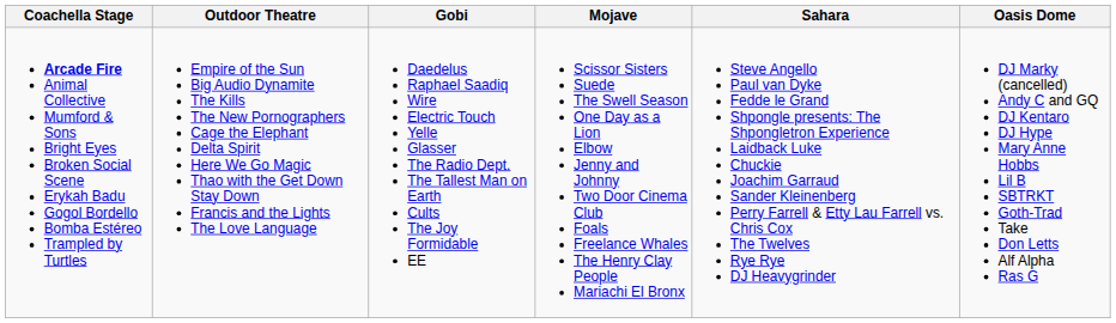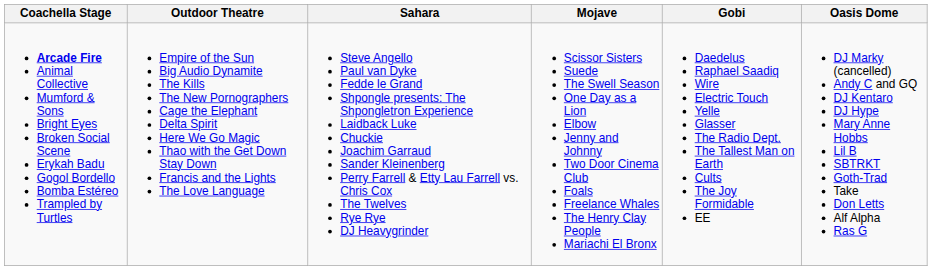 <table class="wikitable">
 <tr>
 <th>Coachella Stage</th>
 <th>Outdoor Theatre</th>
+<th>Sahara</th>
+<th>Mojave</th>
 <th>Gobi</th>
-<th>Mojave</th>
-<th>Sahara</th>
 <th>Oasis Dome</th>
 </tr>
 <tr valign="top">
 <td><br><ul><li><strong><a href='#'>Arcade Fire</a></strong></li><li><a href='#'>Animal Collective</a></li><li><a href='#'>Mumford & Sons</a></li><li><a href='#'>Bright Eyes</a></li><li><a href='#'>Broken Social Scene</a></li><li><a href='#'>Erykah Badu</a></li><li><a href='#'>Gogol Bordello</a></li><li><a href='#'>Bomba Estéreo</a></li><li><a href='#'>Trampled by Turtles</a></li></ul></td>
 <td><br><ul><li><a href='#'>Empire of the Sun</a></li><li><a href='#'>Big Audio Dynamite</a></li><li><a href='#'>The Kills</a></li><li><a href='#'>The New Pornographers</a></li><li><a href='#'>Cage the Elephant</a></li><li><a href='#'>Delta Spirit</a></li><li><a href='#'>Here We Go Magic</a></li><li><a href='#'>Thao with the Get Down Stay Down</a></li><li><a href='#'>Francis and the Lights</a></li><li><a href='#'>The Love Language</a></li></ul></td>
+<td><br><ul><li><a href='#'>Steve Angello</a></li><li><a href='#'>Paul van Dyke</a></li><li><a href='#'>Fedde le Grand</a></li><li><a href='#'>Shpongle presents: The Shpongletron Experience</a></li><li><a href='#'>Laidback Luke</a></li><li><a href='#'>Chuckie</a></li><li><a href='#'>Joachim Garraud</a></li><li><a href='#'>Sander Kleinenberg</a></li><li><a href='#'>Perry Farrell</a> & <a href='#'>Etty Lau Farrell</a> vs. <a href='#'>Chris Cox</a></li><li><a href='#'>The Twelves</a></li><li><a href='#'>Rye Rye</a></li><li><a href='#'>DJ Heavygrinder</a></li></ul></td>
+<td><br><ul><li><a href='#'>Scissor Sisters</a></li><li><a href='#'>Suede</a></li><li><a href='#'>The Swell Season</a></li><li><a href='#'>One Day as a Lion</a></li><li><a href='#'>Elbow</a></li><li><a href='#'>Jenny and Johnny</a></li><li><a href='#'>Two Door Cinema Club</a></li><li><a href='#'>Foals</a></li><li><a href='#'>Freelance Whales</a></li><li><a href='#'>The Henry Clay People</a></li><li><a href='#'>Mariachi El Bronx</a></li></ul></td>
 <td><br><ul><li><a href='#'>Daedelus</a></li><li><a href='#'>Raphael Saadiq</a></li><li><a href='#'>Wire</a></li><li><a href='#'>Electric Touch</a></li><li><a href='#'>Yelle</a></li><li><a href='#'>Glasser</a></li><li><a href='#'>The Radio Dept.</a></li><li><a href='#'>The Tallest Man on Earth</a></li><li><a href='#'>Cults</a></li><li><a href='#'>The Joy Formidable</a></li><li>EE</li></ul></td>
-<td><br><ul><li><a href='#'>Scissor Sisters</a></li><li><a href='#'>Suede</a></li><li><a href='#'>The Swell Season</a></li><li><a href='#'>One Day as a Lion</a></li><li><a href='#'>Elbow</a></li><li><a href='#'>Jenny and Johnny</a></li><li><a href='#'>Two Door Cinema Club</a></li><li><a href='#'>Foals</a></li><li><a href='#'>Freelance Whales</a></li><li><a href='#'>The Henry Clay People</a></li><li><a href='#'>Mariachi El Bronx</a></li></ul></td>
-<td><br><ul><li><a href='#'>Steve Angello</a></li><li><a href='#'>Paul van Dyke</a></li><li><a href='#'>Fedde le Grand</a></li><li><a href='#'>Shpongle presents: The Shpongletron Experience</a></li><li><a href='#'>Laidback Luke</a></li><li><a href='#'>Chuckie</a></li><li><a href='#'>Joachim Garraud</a></li><li><a href='#'>Sander Kleinenberg</a></li><li><a href='#'>Perry Farrell</a> & <a href='#'>Etty Lau Farrell</a> vs. <a href='#'>Chris Cox</a></li><li><a href='#'>The Twelves</a></li><li><a href='#'>Rye Rye</a></li><li><a href='#'>DJ Heavygrinder</a></li></ul></td>
 <td><br><ul><li><a href='#'>DJ Marky</a> (cancelled)</li><li><a href='#'>Andy C</a> and GQ</li><li><a href='#'>DJ Kentaro</a></li><li><a href='#'>DJ Hype</a></li><li><a href='#'>Mary Anne Hobbs</a></li><li><a href='#'>Lil B</a></li><li><a href='#'>SBTRKT</a></li><li><a href='#'>Goth-Trad</a></li><li>Take</li><li><a href='#'>Don Letts</a></li><li>Alf Alpha</li><li><a href='#'>Ras G</a></li></ul></td>
 </tr>
 </table>
